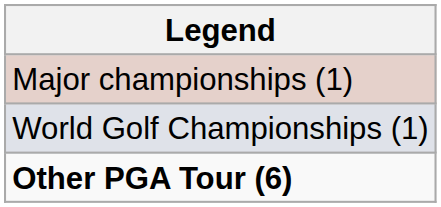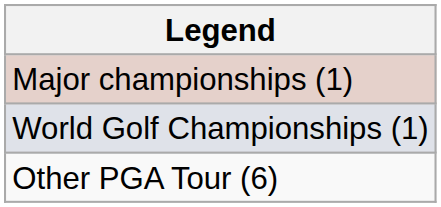 <table class="wikitable" style="font-size:95%;">
 <tr>
 <th>Legend</th>
 </tr>
 <tr style="background:#e5d1cb;">
 <td>Major championships (1)</td>
 </tr>
 <tr style="background:#dfe2e9;">
 <td>World Golf Championships (1)</td>
 </tr>
 <tr>
-<td><strong>Other PGA Tour (6)</strong></td>
+<td>Other PGA Tour (6)</td>
 </tr>
 </table>
